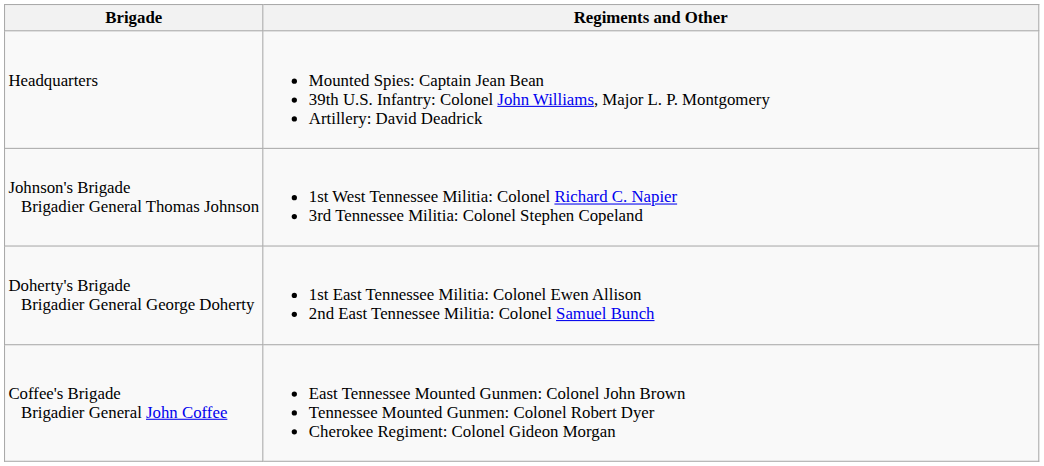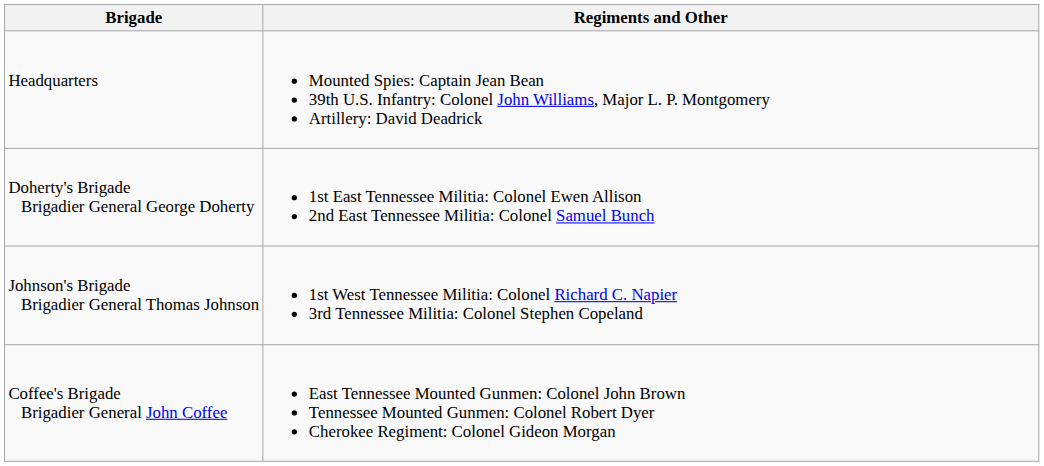 <table class="wikitable">
 <tr>
 <th width=25%>Brigade</th>
 <th>Regiments and Other</th>
 </tr>
 <tr>
 <td>Headquarters<br>  </td>
 <td><br><ul><li>Mounted Spies: Captain Jean Bean</li><li>39th U.S. Infantry: Colonel <a href='#'>John Williams</a>, Major L. P. Montgomery</li><li>Artillery: David Deadrick</li></ul></td>
 </tr>
 <tr>
+<td>Doherty's Brigade<br>   Brigadier General George Doherty</td>
+<td><br><ul><li>1st East Tennessee Militia: Colonel Ewen Allison</li><li>2nd East Tennessee Militia: Colonel <a href='#'>Samuel Bunch</a></li></ul></td>
+</tr>
+<tr>
 <td>Johnson's Brigade<br>   Brigadier General Thomas Johnson</td>
 <td><br><ul><li>1st West Tennessee Militia: Colonel <a href='#'>Richard C. Napier</a></li><li>3rd Tennessee Militia: Colonel Stephen Copeland</li></ul></td>
-</tr>
-<tr>
-<td>Doherty's Brigade<br>   Brigadier General George Doherty</td>
-<td><br><ul><li>1st East Tennessee Militia: Colonel Ewen Allison</li><li>2nd East Tennessee Militia: Colonel <a href='#'>Samuel Bunch</a></li></ul></td>
 </tr>
 <tr>
 <td>Coffee's Brigade<br>   Brigadier General <a href='#'>John Coffee</a></td>
 <td><br><ul><li>East Tennessee Mounted Gunmen: Colonel John Brown</li><li>Tennessee Mounted Gunmen: Colonel Robert Dyer</li><li>Cherokee Regiment: Colonel Gideon Morgan</li></ul></td>
 </tr>
 </table>
